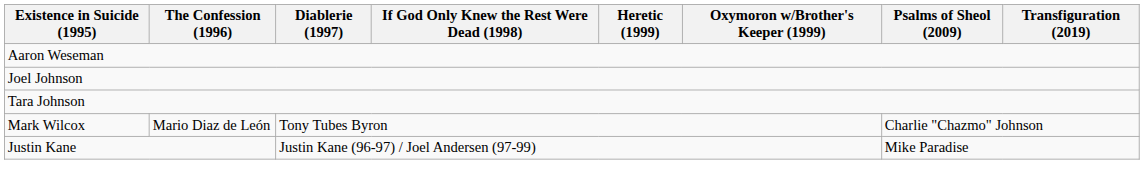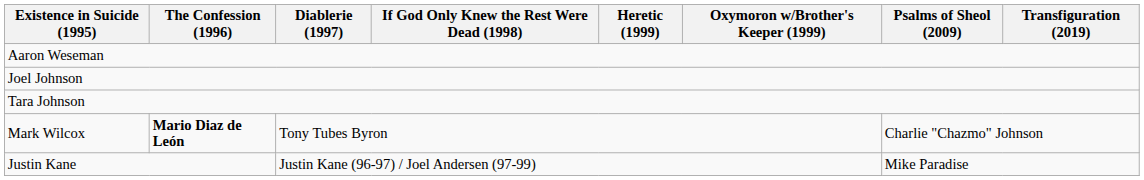 <table class="wikitable">
 <tr>
 <th>Existence in Suicide (1995)</th>
 <th>The Confession (1996)</th>
 <th>Diablerie (1997)</th>
 <th>If God Only Knew the Rest Were Dead (1998)</th>
 <th>Heretic (1999)</th>
 <th>Oxymoron w/Brother's Keeper (1999)</th>
 <th>Psalms of Sheol (2009)</th>
 <th>Transfiguration (2019)</th>
 </tr>
 <tr>
 <td colspan="8">Aaron Weseman</td>
 </tr>
 <tr>
 <td colspan="8">Joel Johnson</td>
 </tr>
 <tr>
 <td colspan="8">Tara Johnson</td>
 </tr>
 <tr>
 <td>Mark Wilcox</td>
-<td>Mario Diaz de León</td>
+<td><strong>Mario Diaz de León</strong></td>
 <td colspan="4">Tony Tubes Byron</td>
 <td colspan="2">Charlie "Chazmo" Johnson</td>
 </tr>
 <tr>
 <td colspan="2">Justin Kane</td>
 <td colspan="4">Justin Kane (96-97) / Joel Andersen (97-99)</td>
 <td colspan="2">Mike Paradise</td>
 </tr>
 </table>
